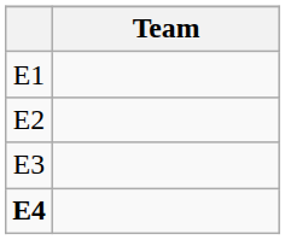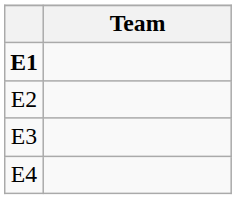 <table class="wikitable" style="display:inline-table;">
 <tr>
 </tr>
 <tr>
 <th></th>
 <th width=120>Team</th>
 </tr>
 <tr>
-<td align=center>E1</td>
+<td align=center><strong>E1</strong></td>
 <td></td>
 </tr>
 <tr>
 <td align=center>E2</td>
 <td></td>
 </tr>
 <tr>
 <td align=center>E3</td>
 <td></td>
 </tr>
 <tr>
-<td align=center><strong>E4</strong></td>
+<td align=center>E4</td>
 <td></td>
 </tr>
 </table>
